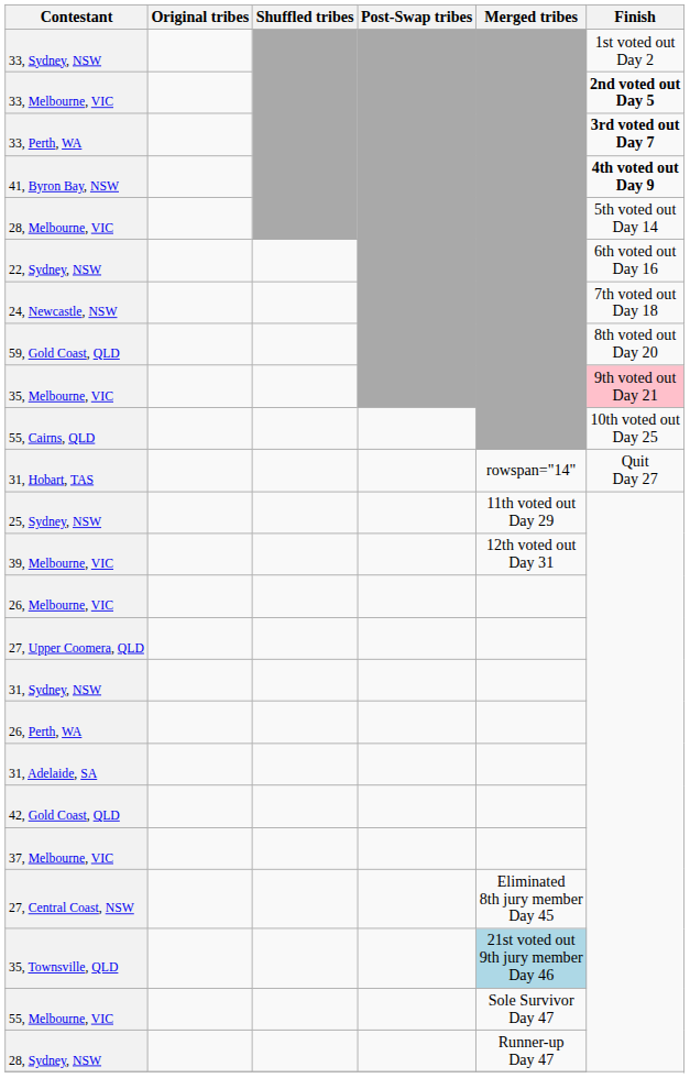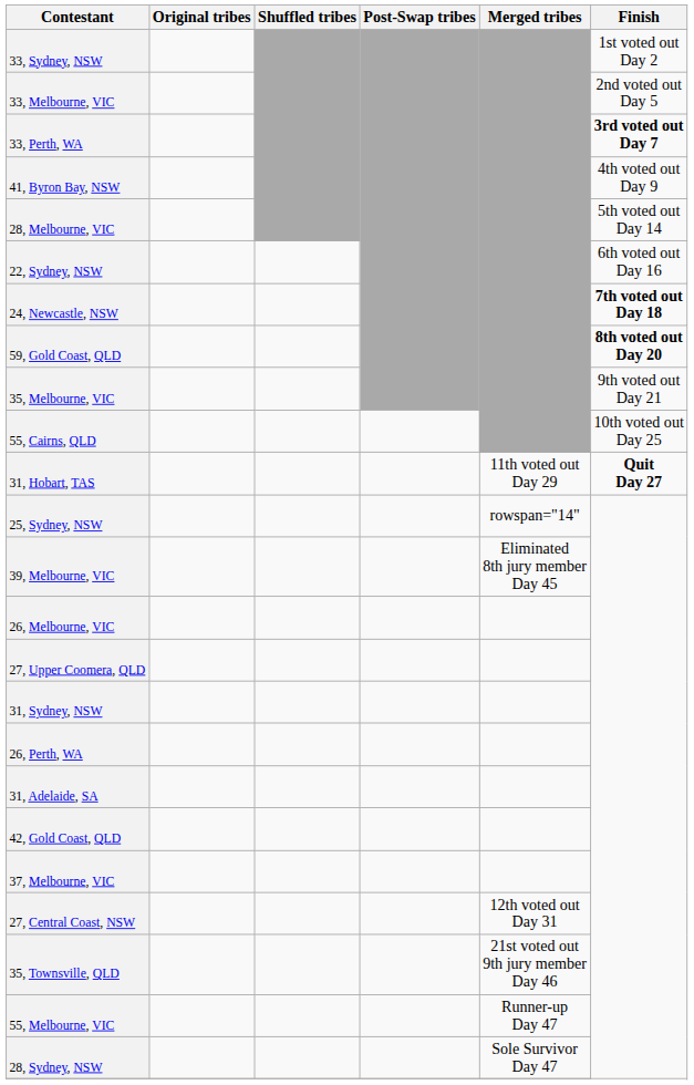 <table class="wikitable sortable" style="margin:auto; text-align:center;">
 <tr>
 <th>Contestant</th>
 <th>Original tribes</th>
 <th>Shuffled tribes</th>
 <th>Post-Swap tribes</th>
 <th>Merged tribes</th>
 <th>Finish</th>
 </tr>
 <tr>
 <th scope="row" style="text-align:left;font-weight:normal"><strong></strong><br><small>33, <a href='#'>Sydney</a>, <a href='#'>NSW</a></small></th>
 <td></td>
 <td rowspan="5" style="background:darkgrey;"></td>
 <td rowspan="9" style="background:darkgrey;"></td>
 <td rowspan="10" style="background:darkgrey;"></td>
 <td>1st voted out<br>Day 2</td>
 </tr>
 <tr>
 <th scope="row" style="text-align:left;font-weight:normal"><strong></strong><br><small>33, <a href='#'>Melbourne</a>, <a href='#'>VIC</a></small></th>
 <td></td>
-<td><strong>2nd voted out<br>Day 5</strong></td>
+<td>2nd voted out<br>Day 5</td>
 </tr>
 <tr>
 <th scope="row" style="text-align:left;font-weight:normal"><strong></strong><br><small>33, <a href='#'>Perth</a>, <a href='#'>WA</a></small></th>
 <td></td>
 <td><strong>3rd voted out<br>Day 7</strong></td>
 </tr>
 <tr>
 <th scope="row" style="text-align:left;font-weight:normal"><strong></strong><br><small>41, <a href='#'>Byron Bay</a>, <a href='#'>NSW</a></small></th>
 <td></td>
-<td><strong>4th voted out<br>Day 9</strong></td>
+<td>4th voted out<br>Day 9</td>
 </tr>
 <tr>
 <th scope="row" style="text-align:left;font-weight:normal"><strong></strong><br><small>28, <a href='#'>Melbourne</a>, <a href='#'>VIC</a></small></th>
 <td></td>
 <td>5th voted out<br>Day 14</td>
 </tr>
 <tr>
 <th scope="row" style="text-align:left;font-weight:normal"><strong></strong><br><small>22, <a href='#'>Sydney</a>, <a href='#'>NSW</a></small></th>
 <td></td>
 <td></td>
 <td>6th voted out<br>Day 16</td>
 </tr>
 <tr>
 <th scope="row" style="text-align:left;font-weight:normal"><strong></strong><br><small>24, <a href='#'>Newcastle</a>, <a href='#'>NSW</a></small></th>
 <td></td>
 <td></td>
-<td>7th voted out<br>Day 18</td>
+<td><strong>7th voted out<br>Day 18</strong></td>
 </tr>
 <tr>
 <th scope="row" style="text-align:left;font-weight:normal"><strong></strong><br><small>59, <a href='#'>Gold Coast</a>, <a href='#'>QLD</a></small></th>
 <td></td>
 <td></td>
-<td>8th voted out<br>Day 20</td>
+<td><strong>8th voted out<br>Day 20</strong></td>
 </tr>
 <tr>
 <th scope="row" style="text-align:left;font-weight:normal"><strong></strong><br><small>35, <a href='#'>Melbourne</a>, <a href='#'>VIC</a></small></th>
 <td></td>
 <td></td>
-<td style="background: pink;">9th voted out<br>Day 21</td>
+<td>9th voted out<br>Day 21</td>
 </tr>
 <tr>
 <th scope="row" style="text-align:left;font-weight:normal"><strong></strong><br><small>55, <a href='#'>Cairns</a>, <a href='#'>QLD</a></small></th>
 <td></td>
 <td></td>
 <td></td>
 <td>10th voted out<br>Day 25</td>
 </tr>
 <tr>
 <th scope="row" style="text-align:left;font-weight:normal"><strong></strong><br><small>31, <a href='#'>Hobart</a>, <a href='#'>TAS</a></small></th>
 <td></td>
 <td></td>
 <td></td>
-<td>rowspan="14" </td>
-<td>Quit<br>Day 27</td>
+<td>11th voted out<br>Day 29</td>
+<td><strong>Quit<br>Day 27</strong></td>
 </tr>
 <tr>
 <th scope="row" style="text-align:left;font-weight:normal"><strong></strong><br><small>25, <a href='#'>Sydney</a>, <a href='#'>NSW</a></small></th>
 <td></td>
 <td></td>
 <td></td>
-<td>11th voted out<br>Day 29</td>
+<td>rowspan="14" </td>
 </tr>
 <tr>
 <th scope="row" style="text-align:left;font-weight:normal"><strong></strong><br><small>39, <a href='#'>Melbourne</a>, <a href='#'>VIC</a></small></th>
 <td></td>
 <td></td>
 <td></td>
-<td>12th voted out<br>Day 31</td>
+<td>Eliminated <br>8th jury member<br>Day 45</td>
 </tr>
 <tr>
 <th scope="row" style="text-align:left;font-weight:normal"><strong></strong><br><small>26, <a href='#'>Melbourne</a>, <a href='#'>VIC</a></small></th>
 <td></td>
 <td></td>
 <td></td>
 <td></td>
 </tr>
 <tr>
 <th scope="row" style="text-align:left;font-weight:normal"><strong></strong><br><small>27, <a href='#'>Upper Coomera</a>, <a href='#'>QLD</a></small></th>
 <td></td>
 <td></td>
 <td></td>
 <td></td>
 </tr>
 <tr>
 <th scope="row" style="text-align:left;font-weight:normal"><strong></strong><br><small>31, <a href='#'>Sydney</a>, <a href='#'>NSW</a></small></th>
 <td></td>
 <td></td>
 <td></td>
 <td></td>
 </tr>
 <tr>
 <th scope="row" style="text-align:left;font-weight:normal"><strong></strong><br><small>26, <a href='#'>Perth</a>, <a href='#'>WA</a></small></th>
 <td></td>
 <td></td>
 <td></td>
 <td></td>
 </tr>
 <tr>
 <th scope="row" style="text-align:left;font-weight:normal"><strong></strong><br><small>31, <a href='#'>Adelaide</a>, <a href='#'>SA</a></small></th>
 <td></td>
 <td></td>
 <td></td>
 <td></td>
 </tr>
 <tr>
 <th scope="row" style="text-align:left;font-weight:normal"><strong></strong><br><small>42, <a href='#'>Gold Coast</a>, <a href='#'>QLD</a></small></th>
 <td></td>
 <td></td>
 <td></td>
 <td></td>
 </tr>
 <tr>
 <th scope="row" style="text-align:left;font-weight:normal"><strong></strong><br><small>37, <a href='#'>Melbourne</a>, <a href='#'>VIC</a></small></th>
 <td></td>
 <td></td>
 <td></td>
 <td></td>
 </tr>
 <tr>
 <th scope="row" style="text-align:left;font-weight:normal"><strong></strong><br><small>27, <a href='#'>Central Coast</a>, <a href='#'>NSW</a></small></th>
 <td></td>
 <td></td>
 <td></td>
-<td>Eliminated <br>8th jury member<br>Day 45</td>
+<td>12th voted out<br>Day 31</td>
 </tr>
 <tr>
 <th scope="row" style="text-align:left;font-weight:normal"><strong></strong><br><small>35, <a href='#'>Townsville</a>, <a href='#'>QLD</a></small></th>
 <td></td>
 <td></td>
 <td></td>
-<td style="background: lightblue;">21st voted out<br>9th jury member<br>Day 46</td>
+<td>21st voted out<br>9th jury member<br>Day 46</td>
 </tr>
 <tr>
 <th scope="row" style="text-align:left;font-weight:normal"><strong></strong><br><small>55, <a href='#'>Melbourne</a>, <a href='#'>VIC</a></small></th>
 <td></td>
 <td></td>
 <td></td>
-<td>Sole Survivor<br>Day 47</td>
+<td>Runner-up<br>Day 47</td>
 </tr>
 <tr>
 <th scope="row" style="text-align:left;font-weight:normal"><strong></strong><br><small>28, <a href='#'>Sydney</a>, <a href='#'>NSW</a></small></th>
 <td></td>
 <td></td>
 <td></td>
-<td>Runner-up<br>Day 47</td>
+<td>Sole Survivor<br>Day 47</td>
 </tr>
 <tr>
 </tr>
 </table>
